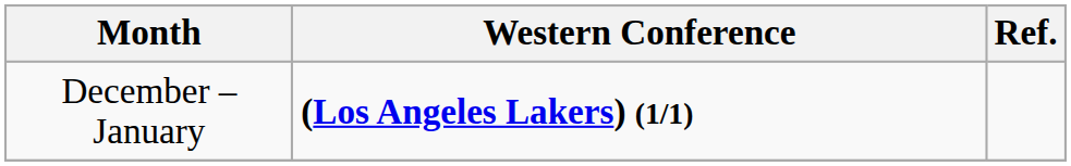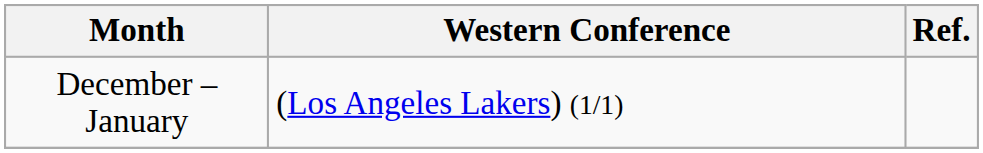 <table class="wikitable sortable" border="1">
 <tr>
 <th width=120px>Month</th>
 <th width=300px>Western Conference</th>
 <th class=unsortable>Ref.</th>
 </tr>
 <tr>
 <td align=center>December – January</td>
-<td><strong> (<a href='#'>Los Angeles Lakers</a>) <small>(1/1)</small></strong></td>
+<td> (<a href='#'>Los Angeles Lakers</a>) <small>(1/1)</small></td>
 <td align=center></td>
 </tr>
 <tr>
 </tr>
 </table>
